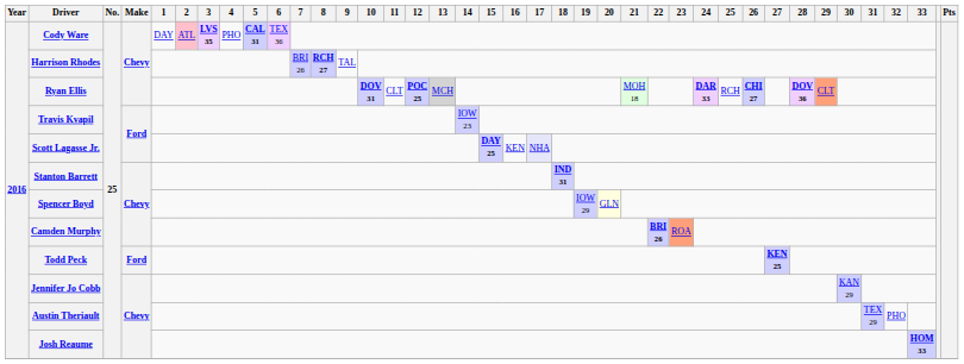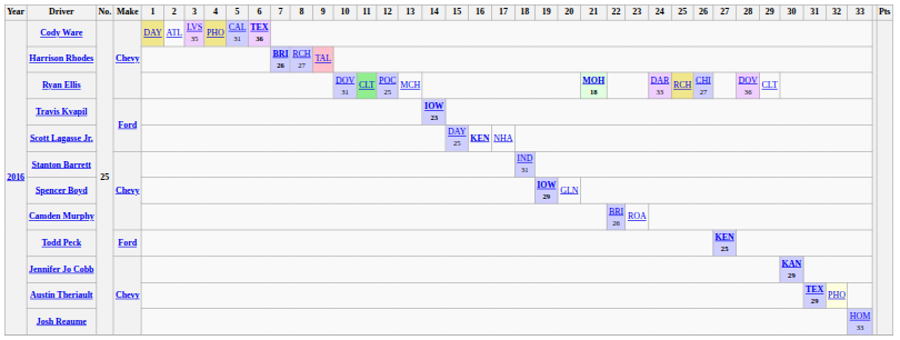 <table class="wikitable" style="text-align:center; font-size:75%">
 <tr>
 <th>Year</th>
 <th>Driver</th>
 <th>No.</th>
 <th>Make</th>
 <th>1</th>
 <th>2</th>
 <th>3</th>
 <th>4</th>
 <th>5</th>
 <th>6</th>
 <th>7</th>
 <th>8</th>
 <th>9</th>
 <th>10</th>
 <th>11</th>
 <th>12</th>
 <th>13</th>
 <th>14</th>
 <th>15</th>
 <th>16</th>
 <th>17</th>
 <th>18</th>
 <th>19</th>
 <th>20</th>
 <th>21</th>
 <th>22</th>
 <th>23</th>
 <th>24</th>
 <th>25</th>
 <th>26</th>
 <th>27</th>
 <th>28</th>
 <th>29</th>
 <th>30</th>
 <th>31</th>
 <th>32</th>
 <th>33</th>
 <th></th>
 <th>Pts</th>
 </tr>
 <tr>
 <th rowspan=12><a href='#'>2016</a></th>
 <th><a href='#'>Cody Ware</a></th>
 <th rowspan=12>25</th>
 <th rowspan=3><a href='#'>Chevy</a></th>
-<td><a href='#'>DAY</a></td>
-<td style="background: pink;"><a href='#'>ATL</a></td>
-<td style="background:#EFCFFF;"><strong><a href='#'>LVS</a><br><small>35</small></strong></td>
-<td><a href='#'>PHO</a></td>
-<td style="background:#CFCFFF;"><strong><a href='#'>CAL</a><br><small>31</small></strong></td>
-<td style="background:#EFCFFF;"><a href='#'>TEX</a><br><small>36</small></td>
+<td style="background: khaki;"><a href='#'>DAY</a></td>
+<td><a href='#'>ATL</a></td>
+<td style="background:#EFCFFF;"><a href='#'>LVS</a><br><small>35</small></td>
+<td style="background: khaki;"><a href='#'>PHO</a></td>
+<td style="background:#CFCFFF;"><a href='#'>CAL</a><br><small>31</small></td>
+<td style="background:#EFCFFF;"><strong><a href='#'>TEX</a><br><small>36</small></strong></td>
 <td colspan=27></td>
 <th rowspan=12></th>
 <th rowspan=12></th>
 </tr>
 <tr>
 <th><a href='#'>Harrison Rhodes</a></th>
 <td colspan=6></td>
-<td style="background:#CFCFFF;"><a href='#'>BRI</a><br><small>26</small></td>
-<td style="background:#CFCFFF;"><strong><a href='#'>RCH</a><br><small>27</small></strong></td>
-<td><a href='#'>TAL</a></td>
+<td style="background:#CFCFFF;"><strong><a href='#'>BRI</a><br><small>26</small></strong></td>
+<td style="background:#CFCFFF;"><a href='#'>RCH</a><br><small>27</small></td>
+<td style="background: pink;"><a href='#'>TAL</a></td>
 <td colspan=24></td>
 </tr>
 <tr>
 <th><a href='#'>Ryan Ellis</a></th>
 <td colspan=9></td>
-<td style="background:#CFCFFF;"><strong><a href='#'>DOV</a><br><small>31</small></strong></td>
+<td style="background:#CFCFFF;"><a href='#'>DOV</a><br><small>31</small></td>
+<td style="background: lightgreen;"><a href='#'>CLT</a></td>
+<td style="background:#CFCFFF;"><a href='#'>POC</a><br><small>25</small></td>
+<td><a href='#'>MCH</a></td>
+<td colspan=7></td>
+<td style="background:#DFFFDF;"><strong><a href='#'>MOH</a><br><small>18</small></strong></td>
+<td colspan=2></td>
+<td style="background:#EFCFFF;"><a href='#'>DAR</a><br><small>33</small></td>
+<td style="background: khaki;"><a href='#'>RCH</a></td>
+<td style="background:#CFCFFF;"><a href='#'>CHI</a><br><small>27</small></td>
+<td></td>
+<td style="background:#EFCFFF;"><a href='#'>DOV</a><br><small>36</small></td>
 <td><a href='#'>CLT</a></td>
-<td style="background:#CFCFFF;"><strong><a href='#'>POC</a><br><small>25</small></strong></td>
-<td style="background: lightgrey;"><a href='#'>MCH</a></td>
-<td colspan=7></td>
-<td style="background:#DFFFDF;"><a href='#'>MOH</a><br><small>18</small></td>
-<td colspan=2></td>
-<td style="background:#EFCFFF;"><strong><a href='#'>DAR</a><br><small>33</small></strong></td>
-<td><a href='#'>RCH</a></td>
-<td style="background:#CFCFFF;"><strong><a href='#'>CHI</a><br><small>27</small></strong></td>
-<td></td>
-<td style="background:#EFCFFF;"><strong><a href='#'>DOV</a><br><small>36</small></strong></td>
-<td style="background: lightsalmon;"><a href='#'>CLT</a></td>
 <td colspan=4></td>
 </tr>
 <tr>
 <th><a href='#'>Travis Kvapil</a></th>
 <th rowspan=2><a href='#'>Ford</a></th>
 <td colspan=13></td>
-<td style="background:#CFCFFF;"><a href='#'>IOW</a><br><small>23</small></td>
+<td style="background:#CFCFFF;"><strong><a href='#'>IOW</a><br><small>23</small></strong></td>
 <td colspan=19></td>
 </tr>
 <tr>
 <th><a href='#'>Scott Lagasse Jr.</a></th>
 <td colspan=14></td>
-<td style="background:#CFCFFF;"><strong><a href='#'>DAY</a><br><small>25</small></strong></td>
-<td><a href='#'>KEN</a></td>
-<td style="background: lavender;"><a href='#'>NHA</a></td>
+<td style="background:#CFCFFF;"><a href='#'>DAY</a><br><small>25</small></td>
+<td><strong><a href='#'>KEN</a></strong></td>
+<td><a href='#'>NHA</a></td>
 <td colspan=16></td>
 </tr>
 <tr>
 <th><a href='#'>Stanton Barrett</a></th>
 <th rowspan=3><a href='#'>Chevy</a></th>
 <td colspan=17></td>
-<td style="background:#CFCFFF;"><strong><a href='#'>IND</a><br><small>31</small></strong></td>
+<td style="background:#CFCFFF;"><a href='#'>IND</a><br><small>31</small></td>
 <td colspan=15></td>
 </tr>
 <tr>
 <th><a href='#'>Spencer Boyd</a></th>
 <td colspan=18></td>
-<td style="background:#CFCFFF;"><a href='#'>IOW</a><br><small>29</small></td>
-<td style="background: lightyellow;"><a href='#'>GLN</a></td>
+<td style="background:#CFCFFF;"><strong><a href='#'>IOW</a><br><small>29</small></strong></td>
+<td><a href='#'>GLN</a></td>
 <td colspan=13></td>
 </tr>
 <tr>
 <th><a href='#'>Camden Murphy</a></th>
 <td colspan=21></td>
-<td style="background:#CFCFFF;"><strong><a href='#'>BRI</a><br><small>26</small></strong></td>
-<td style="background: lightsalmon;"><a href='#'>ROA</a></td>
+<td style="background:#CFCFFF;"><a href='#'>BRI</a><br><small>26</small></td>
+<td><a href='#'>ROA</a></td>
 <td colspan=10></td>
 </tr>
 <tr>
 <th><a href='#'>Todd Peck</a></th>
 <th><a href='#'>Ford</a></th>
 <td colspan=26></td>
 <td style="background:#CFCFFF;"><strong><a href='#'>KEN</a><br><small>25</small></strong></td>
 <td colspan=6></td>
 </tr>
 <tr>
 <th><a href='#'>Jennifer Jo Cobb</a></th>
 <th rowspan=3><a href='#'>Chevy</a></th>
 <td colspan=29></td>
-<td style="background:#CFCFFF;"><a href='#'>KAN</a><br><small>29</small></td>
+<td style="background:#CFCFFF;"><strong><a href='#'>KAN</a><br><small>29</small></strong></td>
 <td colspan=3></td>
 </tr>
 <tr>
 <th><a href='#'>Austin Theriault</a></th>
 <td colspan=30></td>
-<td style="background:#CFCFFF;"><a href='#'>TEX</a><br><small>29</small></td>
-<td><a href='#'>PHO</a></td>
+<td style="background:#CFCFFF;"><strong><a href='#'>TEX</a><br><small>29</small></strong></td>
+<td style="background: lightyellow;"><a href='#'>PHO</a></td>
 <td></td>
 </tr>
 <tr>
 <th><a href='#'>Josh Reaume</a></th>
 <td colspan=32></td>
-<td style="background:#CFCFFF;"><strong><a href='#'>HOM</a><br><small>33</small></strong></td>
+<td style="background:#CFCFFF;"><a href='#'>HOM</a><br><small>33</small></td>
 </tr>
 <tr>
 </tr>
 </table>
